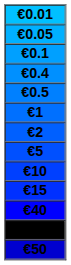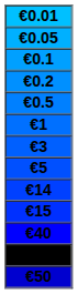 <table border=1 cellspacing=0 cellpadding=1 width=70px|->
 <tr>
 <td bgcolor="#00C0FF" align=center><span><strong>€0.01</strong></span></td>
 </tr>
 <tr>
 <td bgcolor="#00B0FF" align=center><span><strong>€0.05</strong></span></td>
 </tr>
 <tr>
 <td bgcolor="#00A0FF" align=center><span><strong>€0.1</strong></span></td>
 </tr>
 <tr>
-<td bgcolor="#0090FF" align=center><span><strong>€0.4</strong></span></td>
+<td bgcolor="#0090FF" align=center><span><strong>€0.2</strong></span></td>
 </tr>
 <tr>
 <td bgcolor="#0080FF" align=center><span><strong>€0.5</strong></span></td>
 </tr>
 <tr>
 <td bgcolor="#0070FF" align=center><span><strong>€1</strong></span></td>
 </tr>
 <tr>
-<td bgcolor="#0060FF" align=center><span><strong>€2</strong></span></td>
+<td bgcolor="#0060FF" align=center><span><strong>€3</strong></span></td>
 </tr>
 <tr>
 <td bgcolor="#0050FF" align=center><span><strong>€5</strong></span></td>
 </tr>
 <tr>
-<td bgcolor="#0040FF" align=center><span><strong>€10</strong></span></td>
+<td bgcolor="#0040FF" align=center><span><strong>€14</strong></span></td>
 </tr>
 <tr>
 <td bgcolor="#0030FF" align=center><span><strong>€15</strong></span></td>
 </tr>
 <tr>
 <td bgcolor="#0000FF" align=center><span><strong>€40</strong></span></td>
 </tr>
 <tr>
 <td bgcolor="#000000" align=center><span><strong><em>KUTIA X</em></strong></span></td>
 </tr>
 <tr>
 <td bgcolor="#0000CF" align=center><span><strong>€50</strong></span></td>
 </tr>
 <tr>
 </tr>
 </table>
